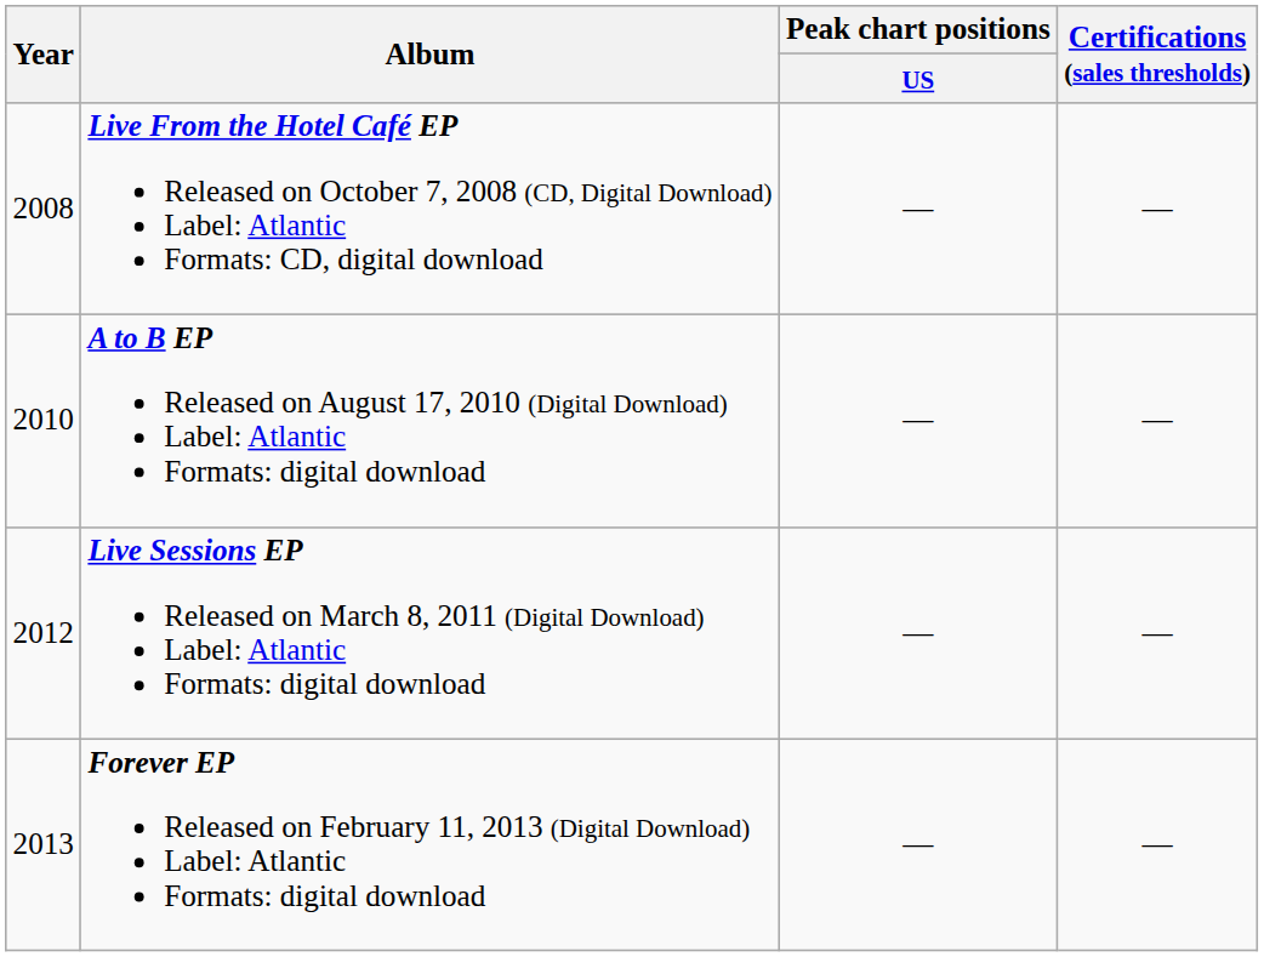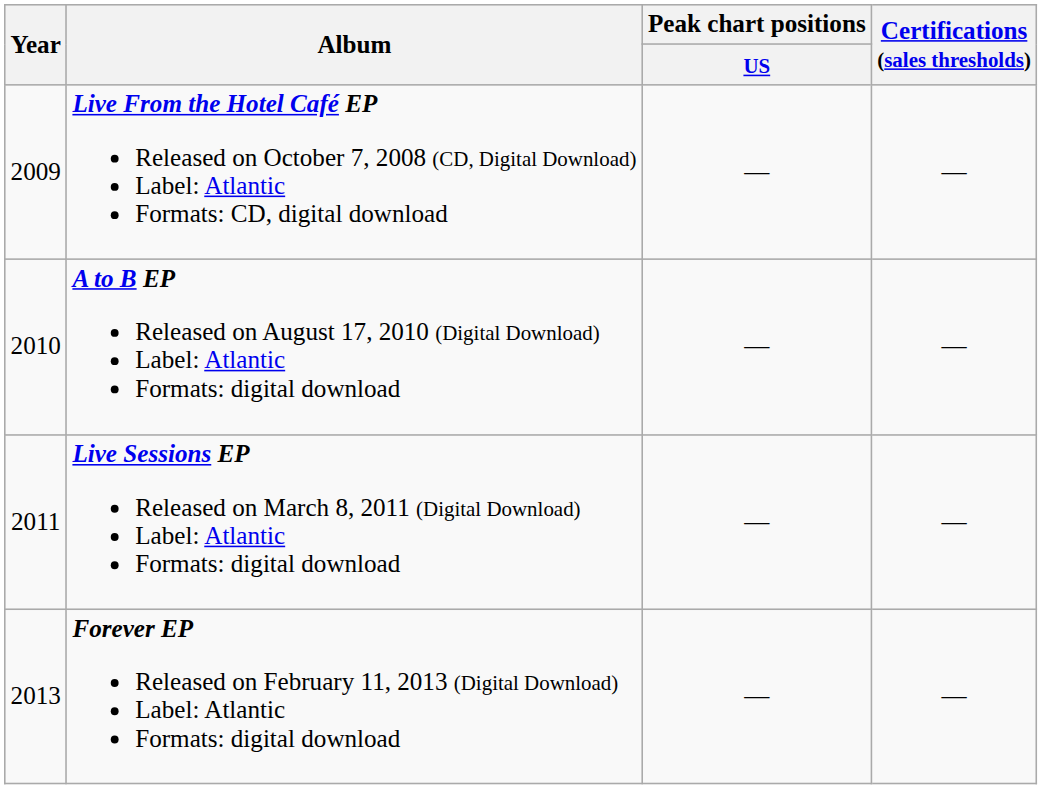 <table class="wikitable">
 <tr>
 <th style="text-align:center;" rowspan="2">Year</th>
 <th style="text-align:center;" rowspan="2">Album</th>
 <th style="text-align:center;">Peak chart positions</th>
 <th style="text-align:center;" rowspan="2"><a href='#'>Certifications</a><br><small>(<a href='#'>sales thresholds</a>)</small></th>
 </tr>
 <tr>
 <th style="text-align:center;"><small><a href='#'>US</a></small></th>
 </tr>
 <tr>
-<td style="text-align:center;">2008</td>
+<td style="text-align:center;">2009</td>
 <td><strong><em><a href='#'>Live From the Hotel Café</a> EP</em></strong><br><ul><li>Released on October 7, 2008 <small>(CD, Digital Download)</small></li><li>Label: <a href='#'>Atlantic</a></li><li>Formats: CD, digital download</li></ul></td>
 <td style="text-align:center;">—</td>
 <td style="text-align:center;">—</td>
 </tr>
 <tr>
 <td style="text-align:center;">2010</td>
 <td><strong><em><a href='#'>A to B</a> EP</em></strong><br><ul><li>Released on August 17, 2010 <small>(Digital Download)</small></li><li>Label: <a href='#'>Atlantic</a></li><li>Formats: digital download</li></ul></td>
 <td style="text-align:center;">—</td>
 <td style="text-align:center;">—</td>
 </tr>
 <tr>
-<td style="text-align:center;">2012</td>
+<td style="text-align:center;">2011</td>
 <td><strong><em><a href='#'>Live Sessions</a> EP</em></strong><br><ul><li>Released on March 8, 2011 <small>(Digital Download)</small></li><li>Label: <a href='#'>Atlantic</a></li><li>Formats: digital download</li></ul></td>
 <td style="text-align:center;">—</td>
 <td style="text-align:center;">—</td>
 </tr>
 <tr>
 <td style="text-align:center;">2013</td>
 <td><strong><em>Forever EP</em></strong><br><ul><li>Released on February 11, 2013 <small>(Digital Download)</small></li><li>Label: Atlantic</li><li>Formats: digital download</li></ul></td>
 <td style="text-align:center;">—</td>
 <td style="text-align:center;">—</td>
 </tr>
 </table>
